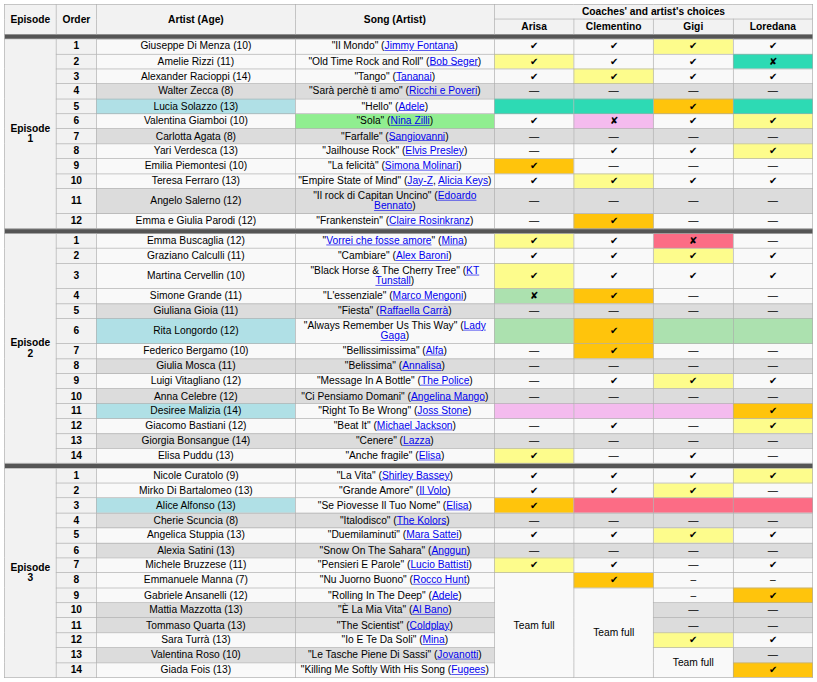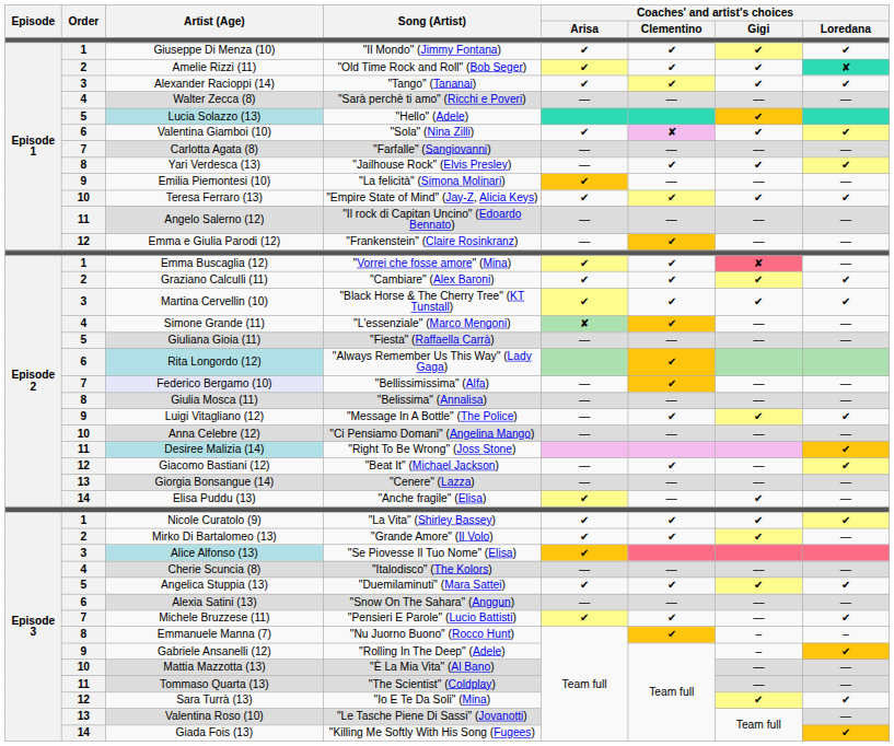 <table class="wikitable" style="text-align:center; line-height:16px; width:100%">
 <tr>
 <th rowspan="2" scope="col" style="width:04%">Episode</th>
 <th rowspan="2" scope="col" style="width:04%">Order</th>
 <th rowspan="2" scope="col" style="width:20%">Artist (Age)</th>
 <th rowspan="2" scope="col" style="width:20%">Song (Artist)</th>
 <th colspan="4" scope="col" style="width:24%">Coaches' and artist's choices</th>
 </tr>
 <tr>
 <th style="width:08%">Arisa</th>
 <th style="width:08%">Clementino</th>
 <th style="width:08%">Gigi</th>
 <th style="width:08%">Loredana</th>
 </tr>
 <tr>
 <td colspan="8" style="background:#555"></td>
 </tr>
 <tr>
 <th scope="row" rowspan="12">Episode 1<br></th>
 <th>1</th>
 <td>Giuseppe Di Menza (10)</td>
 <td>"Il Mondo" (<a href='#'>Jimmy Fontana</a>)</td>
 <td>✔</td>
 <td>✔</td>
 <td style="background:#fdfc8c">✔</td>
 <td>✔</td>
 </tr>
 <tr>
 <th>2</th>
 <td>Amelie Rizzi (11)</td>
 <td>"Old Time Rock and Roll" (<a href='#'>Bob Seger</a>)</td>
 <td style="background:#fdfc8c">✔</td>
 <td>✔</td>
 <td>✔</td>
 <td style="background:#2ddab4">✘</td>
 </tr>
 <tr>
 <th>3</th>
 <td>Alexander Racioppi (14)</td>
 <td>"Tango" (<a href='#'>Tananai</a>)</td>
 <td>✔</td>
 <td style="background:#fdfc8c">✔</td>
 <td>✔</td>
 <td>✔</td>
 </tr>
 <tr bgcolor=DCDCDC>
 <th>4</th>
 <td>Walter Zecca (8)</td>
 <td>"Sarà perchè ti amo" (<a href='#'>Ricchi e Poveri</a>)</td>
 <td>—</td>
 <td>—</td>
 <td>—</td>
 <td>—</td>
 </tr>
 <tr>
 <th>5</th>
 <td style="background:#B0E0E6">Lucia Solazzo (13)</td>
 <td>"Hello" (<a href='#'>Adele</a>)</td>
 <td style="background:#2ddab4"></td>
 <td style="background:#2ddab4"></td>
 <td style="background:#ffc40c">✔</td>
 <td style="background:#2ddab4"></td>
 </tr>
 <tr>
 <th>6</th>
 <td>Valentina Giamboi (10)</td>
-<td style="background: lightgreen;">"Sola" (<a href='#'>Nina Zilli</a>)</td>
+<td>"Sola" (<a href='#'>Nina Zilli</a>)</td>
 <td>✔</td>
 <td style="background:#f4bbee">✘</td>
 <td>✔</td>
 <td style="background:#fdfc8c">✔</td>
 </tr>
 <tr bgcolor=DCDCDC>
 <th>7</th>
 <td>Carlotta Agata (8)</td>
 <td>"Farfalle" (<a href='#'>Sangiovanni</a>)</td>
 <td>—</td>
 <td>—</td>
 <td>—</td>
 <td>—</td>
 </tr>
 <tr>
 <th>8</th>
 <td>Yari Verdesca (13)</td>
 <td>"Jailhouse Rock" (<a href='#'>Elvis Presley</a>)</td>
 <td>—</td>
 <td>✔</td>
 <td>✔</td>
 <td style="background:#fdfc8c">✔</td>
 </tr>
 <tr>
 <th>9</th>
 <td>Emilia Piemontesi (10)</td>
 <td>"La felicità" (<a href='#'>Simona Molinari</a>)</td>
 <td style="background:#ffc40c">✔</td>
 <td>—</td>
 <td>—</td>
 <td>—</td>
 </tr>
 <tr>
 <th>10</th>
 <td>Teresa Ferraro (13)</td>
 <td>"Empire State of Mind" (<a href='#'>Jay-Z</a>, <a href='#'>Alicia Keys</a>)</td>
 <td>✔</td>
 <td style="background:#fdfc8c">✔</td>
 <td>✔</td>
 <td>✔</td>
 </tr>
 <tr bgcolor=DCDCDC>
 <th>11</th>
 <td>Angelo Salerno (12)</td>
 <td>"Il rock di Capitan Uncino" (<a href='#'>Edoardo Bennato</a>)</td>
 <td>—</td>
 <td>—</td>
 <td>—</td>
 <td>—</td>
 </tr>
 <tr>
 <th>12</th>
 <td>Emma e Giulia Parodi (12)</td>
 <td>"Frankenstein" (<a href='#'>Claire Rosinkranz</a>)</td>
 <td>—</td>
 <td style="background:#ffc40c">✔</td>
 <td>—</td>
 <td>—</td>
 </tr>
 <tr>
 <th colspan="8" style="background:#555"></th>
 </tr>
 <tr>
 <th rowspan="14">Episode 2<br></th>
 <th>1</th>
 <td>Emma Buscaglia (12)</td>
 <td>"<a href='#'>Vorrei che fosse amore</a>" (<a href='#'>Mina</a>)</td>
 <td style="background:#fdfc8c">✔</td>
 <td>✔</td>
 <td style="background:#FC6C85">✘</td>
 <td>—</td>
 </tr>
 <tr>
 <th>2</th>
 <td>Graziano Calculli (11)</td>
 <td>"Cambiare" (<a href='#'>Alex Baroni</a>)</td>
 <td>✔</td>
 <td>✔</td>
 <td style="background:#fdfc8c">✔</td>
 <td>✔</td>
 </tr>
 <tr>
 <th>3</th>
 <td>Martina Cervellin (10)</td>
 <td>"Black Horse & The Cherry Tree" (<a href='#'>KT Tunstall</a>)</td>
 <td style="background:#fdfc8c">✔</td>
 <td>✔</td>
 <td>✔</td>
 <td>✔</td>
 </tr>
 <tr>
 <th>4</th>
 <td>Simone Grande (11)</td>
 <td>"L'essenziale" (<a href='#'>Marco Mengoni</a>)</td>
 <td style="background:#ace1af">✘</td>
 <td style="background:#ffc40c">✔</td>
 <td>—</td>
 <td>—</td>
 </tr>
 <tr bgcolor=DCDCDC>
 <th>5</th>
 <td>Giuliana Gioia (11)</td>
 <td>"Fiesta" (<a href='#'>Raffaella Carrà</a>)</td>
 <td>—</td>
 <td>—</td>
 <td>—</td>
 <td>—</td>
 </tr>
 <tr>
 <th>6</th>
 <td style="background:#B0E0E6">Rita Longordo (12)</td>
 <td>"Always Remember Us This Way" (<a href='#'>Lady Gaga</a>)</td>
 <td style="background:#ace1af"></td>
 <td style="background:#ffc40c">✔</td>
 <td style="background:#ace1af"></td>
 <td style="background:#ace1af"></td>
 </tr>
 <tr>
 <th>7</th>
-<td>Federico Bergamo (10)</td>
+<td style="background: lavender;">Federico Bergamo (10)</td>
 <td>"Bellissimissima" (<a href='#'>Alfa</a>)</td>
 <td>—</td>
 <td style="background:#ffc40c">✔</td>
 <td>—</td>
 <td>—</td>
 </tr>
 <tr bgcolor=DCDCDC>
 <th>8</th>
 <td>Giulia Mosca (11)</td>
 <td>"Belissima" (<a href='#'>Annalisa</a>)</td>
 <td>—</td>
 <td>—</td>
 <td>—</td>
 <td>—</td>
 </tr>
 <tr>
 <th>9</th>
 <td>Luigi Vitagliano (12)</td>
 <td>"Message In A Bottle" (<a href='#'>The Police</a>)</td>
 <td>—</td>
 <td>✔</td>
 <td style="background:#fdfc8c">✔</td>
 <td>✔</td>
 </tr>
 <tr bgcolor=DCDCDC>
 <th>10</th>
 <td>Anna Celebre (12)</td>
 <td>"Ci Pensiamo Domani" (<a href='#'>Angelina Mango</a>)</td>
 <td>—</td>
 <td>—</td>
 <td>—</td>
 <td>—</td>
 </tr>
 <tr>
 <th>11</th>
 <td style="background:#B0E0E6">Desiree Malizia (14)</td>
 <td>"Right To Be Wrong" (<a href='#'>Joss Stone</a>)</td>
 <td style="background:#f4bbee"></td>
 <td style="background:#f4bbee"></td>
 <td style="background:#f4bbee"></td>
 <td style="background:#ffc40c">✔</td>
 </tr>
 <tr>
 <th>12</th>
 <td>Giacomo Bastiani (12)</td>
 <td>"Beat It" (<a href='#'>Michael Jackson</a>)</td>
 <td>—</td>
 <td>✔</td>
 <td>—</td>
 <td style="background:#fdfc8c">✔</td>
 </tr>
 <tr bgcolor=DCDCDC>
 <th>13</th>
 <td>Giorgia Bonsangue (14)</td>
 <td>"Cenere" (<a href='#'>Lazza</a>)</td>
 <td>—</td>
 <td>—</td>
 <td>—</td>
 <td>—</td>
 </tr>
 <tr>
 <th>14</th>
 <td>Elisa Puddu (13)</td>
 <td>"Anche fragile" (<a href='#'>Elisa</a>)</td>
 <td style="background:#fdfc8c">✔</td>
 <td>—</td>
 <td>✔</td>
 <td>—</td>
 </tr>
 <tr>
 <th colspan="8" style="background:#555"></th>
 </tr>
 <tr>
 <th rowspan="14">Episode 3<br></th>
 <th>1</th>
 <td>Nicole Curatolo (9)</td>
 <td>"La Vita" (<a href='#'>Shirley Bassey</a>)</td>
 <td>✔</td>
 <td>✔</td>
 <td>✔</td>
 <td style="background:#fdfc8c">✔</td>
 </tr>
 <tr>
 <th>2</th>
 <td>Mirko Di Bartalomeo (13)</td>
 <td>"Grande Amore" (<a href='#'>Il Volo</a>)</td>
 <td>✔</td>
 <td>✔</td>
 <td style="background:#fdfc8c">✔</td>
 <td>—</td>
 </tr>
 <tr>
 <th>3</th>
 <td style="background:#B0E0E6">Alice Alfonso (13)</td>
 <td>"Se Piovesse Il Tuo Nome" (<a href='#'>Elisa</a>)</td>
 <td style="background:#ffc40c">✔</td>
 <td style="background:#FC6C85"></td>
 <td style="background:#FC6C85"></td>
 <td style="background:#FC6C85"></td>
 </tr>
 <tr bgcolor=DCDCDC>
 <th>4</th>
 <td>Cherie Scuncia (8)</td>
 <td>"Italodisco" (<a href='#'>The Kolors</a>)</td>
 <td>—</td>
 <td>—</td>
 <td>—</td>
 <td>—</td>
 </tr>
 <tr>
 <th>5</th>
 <td>Angelica Stuppia (13)</td>
 <td>"Duemilaminuti" (<a href='#'>Mara Sattei</a>)</td>
 <td>✔</td>
 <td>✔</td>
 <td style="background:#fdfc8c">✔</td>
 <td>✔</td>
 </tr>
 <tr bgcolor=DCDCDC>
 <th>6</th>
 <td>Alexia Satini (13)</td>
 <td>"Snow On The Sahara" (<a href='#'>Anggun</a>)</td>
 <td>—</td>
 <td>—</td>
 <td>—</td>
 <td>—</td>
 </tr>
 <tr>
 <th>7</th>
 <td>Michele Bruzzese (11)</td>
 <td>"Pensieri E Parole" (<a href='#'>Lucio Battisti</a>)</td>
 <td style="background:#fdfc8c">✔</td>
 <td>✔</td>
 <td>—</td>
 <td>✔</td>
 </tr>
 <tr>
 <th>8</th>
 <td>Emmanuele Manna (7)</td>
 <td>"Nu Juorno Buono" (<a href='#'>Rocco Hunt</a>)</td>
 <td rowspan=8>Team full</td>
 <td style="background:#ffc40c">✔</td>
 <td>–</td>
 <td>–</td>
 </tr>
 <tr>
 <th>9</th>
 <td>Gabriele Ansanelli (12)</td>
 <td>"Rolling In The Deep" (<a href='#'>Adele</a>)</td>
 <td rowspan=7>Team full</td>
 <td>–</td>
 <td style="background:#ffc40c">✔</td>
 </tr>
 <tr bgcolor=DCDCDC>
 <th>10</th>
 <td>Mattia Mazzotta (13)</td>
 <td>"È La Mia Vita" (<a href='#'>Al Bano</a>)</td>
 <td>—</td>
 <td>—</td>
 </tr>
 <tr bgcolor=DCDCDC>
 <th>11</th>
 <td>Tommaso Quarta (13)</td>
 <td>"The Scientist" (<a href='#'>Coldplay</a>)</td>
 <td>—</td>
 <td>—</td>
 </tr>
 <tr>
 <th>12</th>
 <td>Sara Turrà (13)</td>
 <td>"Io E Te Da Soli" (<a href='#'>Mina</a>)</td>
 <td style="background:#fdfc8c">✔</td>
 <td>✔</td>
 </tr>
 <tr>
 <th>13</th>
 <td bgcolor=DCDCDC>Valentina Roso (10)</td>
 <td bgcolor=DCDCDC>"Le Tasche Piene Di Sassi" (<a href='#'>Jovanotti</a>)</td>
 <td rowspan=2>Team full</td>
 <td bgcolor=DCDCDC>—</td>
 </tr>
 <tr>
 <th>14</th>
 <td>Giada Fois (13)</td>
 <td>"Killing Me Softly With His Song (<a href='#'>Fugees</a>)</td>
 <td style="background:#ffc40c">✔</td>
 </tr>
 </table>
